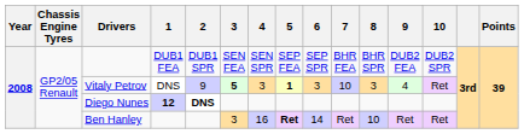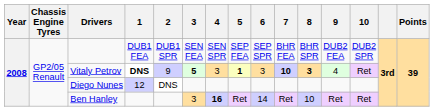 <table class="wikitable" style="text-align:center; font-size:85%;">
 <tr>
 <th>Year</th>
 <th>Chassis<br>Engine<br>Tyres</th>
 <th>Drivers</th>
 <th>1</th>
 <th>2</th>
 <th>3</th>
 <th>4</th>
 <th>5</th>
 <th>6</th>
 <th>7</th>
 <th>8</th>
 <th>9</th>
 <th>10</th>
 <th></th>
 <th>Points</th>
 </tr>
 <tr>
 <th rowspan=4><a href='#'>2008</a></th>
 <td rowspan=4><a href='#'>GP2/05</a><br><a href='#'>Renault</a><br></td>
 <td></td>
 <td><a href='#'>DUB1<br>FEA</a></td>
 <td><a href='#'>DUB1<br>SPR</a></td>
 <td><a href='#'>SEN<br>FEA</a></td>
 <td><a href='#'>SEN<br>SPR</a></td>
 <td><a href='#'>SEP<br>FEA</a></td>
 <td><a href='#'>SEP<br>SPR</a></td>
 <td><a href='#'>BHR<br>FEA</a></td>
 <td><a href='#'>BHR<br>SPR</a></td>
 <td><a href='#'>DUB2<br>FEA</a></td>
 <td><a href='#'>DUB2<br>SPR</a></td>
 <th rowspan="4" style="background:#FFDF9F;">3rd</th>
 <th rowspan="4" style="background:#FFDF9F;">39</th>
 </tr>
 <tr>
 <td align="left"> <a href='#'>Vitaly Petrov</a></td>
-<td bgcolor="#FFFFFF">DNS</td>
+<td bgcolor="#FFFFFF"><strong>DNS</strong></td>
 <td bgcolor="#CFCFFF">9</td>
 <td bgcolor="#DFFFDF"><strong>5</strong></td>
 <td bgcolor="#FFDF9F">3</td>
 <td bgcolor="#FBFFBF"><strong>1</strong></td>
 <td bgcolor="#FFDF9F">3</td>
-<td bgcolor="#CFCFFF">10</td>
-<td bgcolor="#FFDF9F">3</td>
+<td bgcolor="#CFCFFF"><strong>10</strong></td>
+<td bgcolor="#FFDF9F"><strong>3</strong></td>
 <td bgcolor="#DFFFDF">4</td>
 <td bgcolor="#EFCFFF">Ret</td>
 </tr>
 <tr>
 <td align="left"> <a href='#'>Diego Nunes</a></td>
-<td bgcolor="#CFCFFF"><strong>12</strong></td>
-<td bgcolor="#FFFFFF"><strong>DNS</strong></td>
+<td bgcolor="#CFCFFF">12</td>
+<td bgcolor="#FFFFFF">DNS</td>
 <td></td>
 <td></td>
 <td></td>
 <td></td>
 <td></td>
 <td></td>
 <td></td>
 <td></td>
 </tr>
 <tr>
 <td align="left"> <a href='#'>Ben Hanley</a></td>
 <td></td>
 <td></td>
 <td bgcolor="#FFDF9F">3</td>
-<td bgcolor="#CFCFFF">16</td>
-<td bgcolor="#EFCFFF"><strong>Ret</strong></td>
+<td bgcolor="#CFCFFF"><strong>16</strong></td>
+<td bgcolor="#EFCFFF">Ret</td>
 <td bgcolor="#CFCFFF">14</td>
 <td bgcolor="#EFCFFF">Ret</td>
 <td bgcolor="#CFCFFF">10</td>
 <td bgcolor="#EFCFFF">Ret</td>
 <td bgcolor="#EFCFFF">Ret</td>
 </tr>
 </table>
